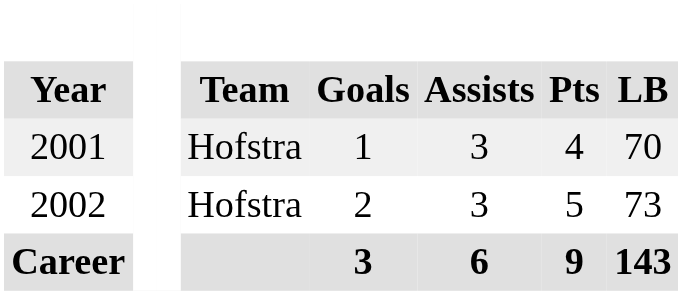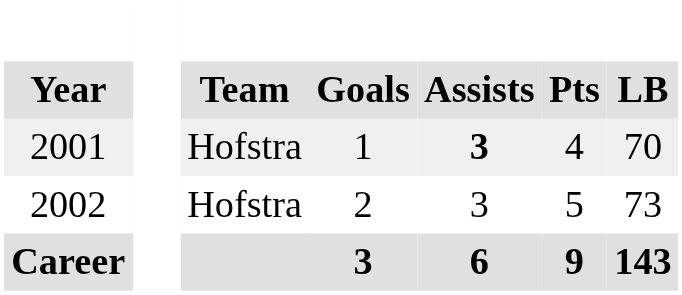 <table BORDER="0" CELLPADDING="3" CELLSPACING="0">
 <tr ALIGN="center" bgcolor="#e0e0e0">
 <th colspan="1" bgcolor="#ffffff"> </th>
 <th rowspan="99" bgcolor="#ffffff"> </th>
 <th rowspan="99" bgcolor="#ffffff"> </th>
 </tr>
 <tr ALIGN="center" bgcolor="#e0e0e0">
 <th>Year</th>
 <th>Team</th>
 <th>Goals</th>
 <th>Assists</th>
 <th>Pts</th>
 <th>LB</th>
 </tr>
 <tr ALIGN="center" bgcolor="#f0f0f0">
 <td>2001</td>
 <td>Hofstra</td>
 <td>1</td>
-<td>3</td>
+<td><strong>3</strong></td>
 <td>4</td>
 <td>70</td>
 </tr>
 <tr ALIGN="center">
 <td>2002</td>
 <td>Hofstra</td>
 <td>2</td>
 <td>3</td>
 <td>5</td>
 <td>73</td>
 </tr>
 <tr ALIGN="center" bgcolor="#e0e0e0">
 <th>Career</th>
 <th></th>
 <th>3</th>
 <th>6</th>
 <th>9</th>
 <th>143</th>
 </tr>
 </table>
